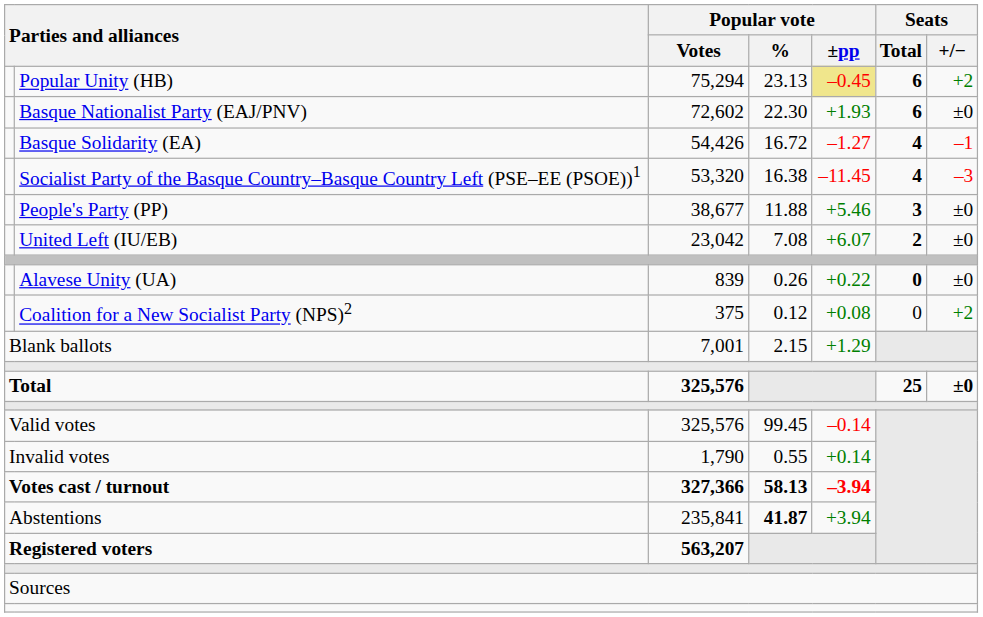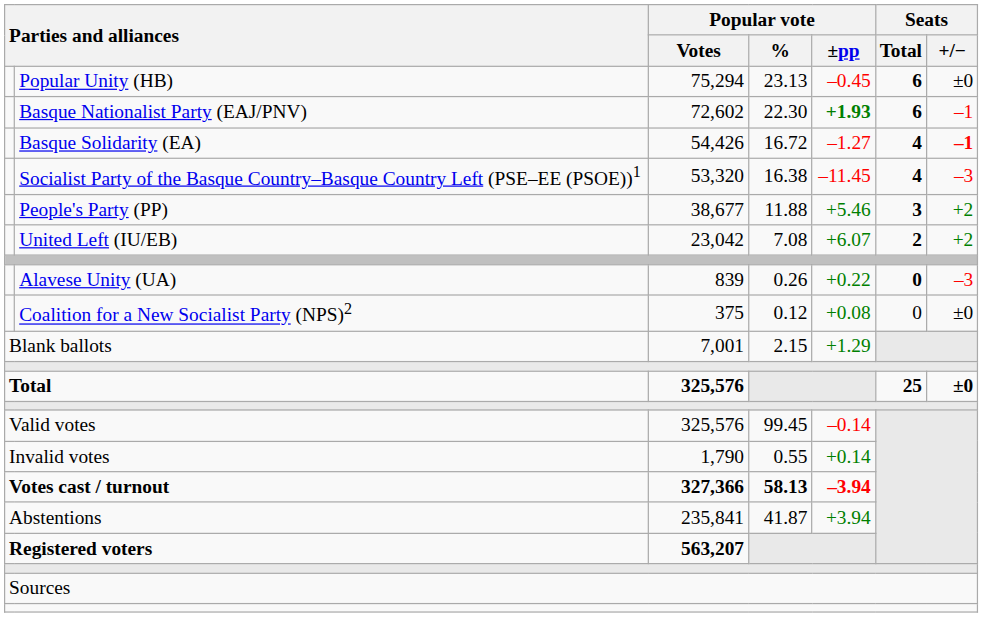 <table class="wikitable" style="text-align:right;">
 <tr>
 <th style="text-align:left;" rowspan="2" colspan="2" width="525">Parties and alliances</th>
 <th colspan="3">Popular vote</th>
 <th colspan="2">Seats</th>
 </tr>
 <tr>
 <th width="75">Votes</th>
 <th width="45">%</th>
 <th width="45">±<a href='#'>pp</a></th>
 <th width="35">Total</th>
 <th width="35">+/−</th>
 </tr>
 <tr>
 <td width="1" style="color:inherit;background:"></td>
 <td align="left"><a href='#'>Popular Unity</a> (HB)</td>
 <td>75,294</td>
 <td>23.13</td>
-<td style="background: khaki; color:red;">–0.45</td>
+<td style="color:red;">–0.45</td>
 <td><strong>6</strong></td>
-<td style="color:green;">+2</td>
+<td>±0</td>
 </tr>
 <tr>
 <td style="color:inherit;background:"></td>
 <td align="left"><a href='#'>Basque Nationalist Party</a> (EAJ/PNV)</td>
 <td>72,602</td>
 <td>22.30</td>
-<td style="color:green;">+1.93</td>
+<td style="color:green;"><strong>+1.93</strong></td>
 <td><strong>6</strong></td>
-<td>±0</td>
+<td style="color:red;">–1</td>
 </tr>
 <tr>
 <td style="color:inherit;background:"></td>
 <td align="left"><a href='#'>Basque Solidarity</a> (EA)</td>
 <td>54,426</td>
 <td>16.72</td>
 <td style="color:red;">–1.27</td>
 <td><strong>4</strong></td>
-<td style="color:red;">–1</td>
+<td style="color:red;"><strong>–1</strong></td>
 </tr>
 <tr>
 <td style="color:inherit;background:"></td>
 <td align="left"><a href='#'>Socialist Party of the Basque Country–Basque Country Left</a> (PSE–EE (PSOE))<sup>1</sup></td>
 <td>53,320</td>
 <td>16.38</td>
 <td style="color:red;">–11.45</td>
 <td><strong>4</strong></td>
 <td style="color:red;">–3</td>
 </tr>
 <tr>
 <td style="color:inherit;background:"></td>
 <td align="left"><a href='#'>People's Party</a> (PP)</td>
 <td>38,677</td>
 <td>11.88</td>
 <td style="color:green;">+5.46</td>
 <td><strong>3</strong></td>
-<td>±0</td>
+<td style="color:green;">+2</td>
 </tr>
 <tr>
 <td style="color:inherit;background:"></td>
 <td align="left"><a href='#'>United Left</a> (IU/EB)</td>
 <td>23,042</td>
 <td>7.08</td>
 <td style="color:green;">+6.07</td>
 <td><strong>2</strong></td>
-<td>±0</td>
+<td style="color:green;">+2</td>
 </tr>
 <tr>
 <td colspan="7" bgcolor="#C0C0C0"></td>
 </tr>
 <tr>
 <td style="color:inherit;background:"></td>
 <td align="left"><a href='#'>Alavese Unity</a> (UA)</td>
 <td>839</td>
 <td>0.26</td>
 <td style="color:green;">+0.22</td>
 <td><strong>0</strong></td>
-<td>±0</td>
+<td style="color:red;">–3</td>
 </tr>
 <tr>
 <td style="color:inherit;background:"></td>
 <td align="left"><a href='#'>Coalition for a New Socialist Party</a> (NPS)<sup>2</sup></td>
 <td>375</td>
 <td>0.12</td>
 <td style="color:green;">+0.08</td>
 <td>0</td>
-<td style="color:green;">+2</td>
+<td>±0</td>
 </tr>
 <tr>
 <td align="left" colspan="2">Blank ballots</td>
 <td>7,001</td>
 <td>2.15</td>
 <td style="color:green;">+1.29</td>
 <td bgcolor="#E9E9E9" colspan="2"></td>
 </tr>
 <tr>
 <td colspan="7" bgcolor="#E9E9E9"></td>
 </tr>
 <tr style="font-weight:bold;">
 <td align="left" colspan="2">Total</td>
 <td>325,576</td>
 <td bgcolor="#E9E9E9" colspan="2"></td>
 <td>25</td>
 <td>±0</td>
 </tr>
 <tr>
 <td colspan="7" bgcolor="#E9E9E9"></td>
 </tr>
 <tr>
 <td align="left" colspan="2">Valid votes</td>
 <td>325,576</td>
 <td>99.45</td>
 <td style="color:red;">–0.14</td>
 <td bgcolor="#E9E9E9" colspan="2" rowspan="5"></td>
 </tr>
 <tr>
 <td align="left" colspan="2">Invalid votes</td>
 <td>1,790</td>
 <td>0.55</td>
 <td style="color:green;">+0.14</td>
 </tr>
 <tr style="font-weight:bold;">
 <td align="left" colspan="2">Votes cast / turnout</td>
 <td>327,366</td>
 <td>58.13</td>
 <td style="color:red;">–3.94</td>
 </tr>
 <tr>
 <td align="left" colspan="2">Abstentions</td>
 <td>235,841</td>
-<td><strong>41.87</strong></td>
+<td>41.87</td>
 <td style="color:green;">+3.94</td>
 </tr>
 <tr style="font-weight:bold;">
 <td align="left" colspan="2">Registered voters</td>
 <td>563,207</td>
 <td bgcolor="#E9E9E9" colspan="2"></td>
 </tr>
 <tr>
 <td colspan="7" bgcolor="#E9E9E9"></td>
 </tr>
 <tr>
 <td align="left" colspan="7">Sources</td>
 </tr>
 <tr>
 <td colspan="7" style="text-align:left; max-width:790px;"></td>
 </tr>
 </table>
